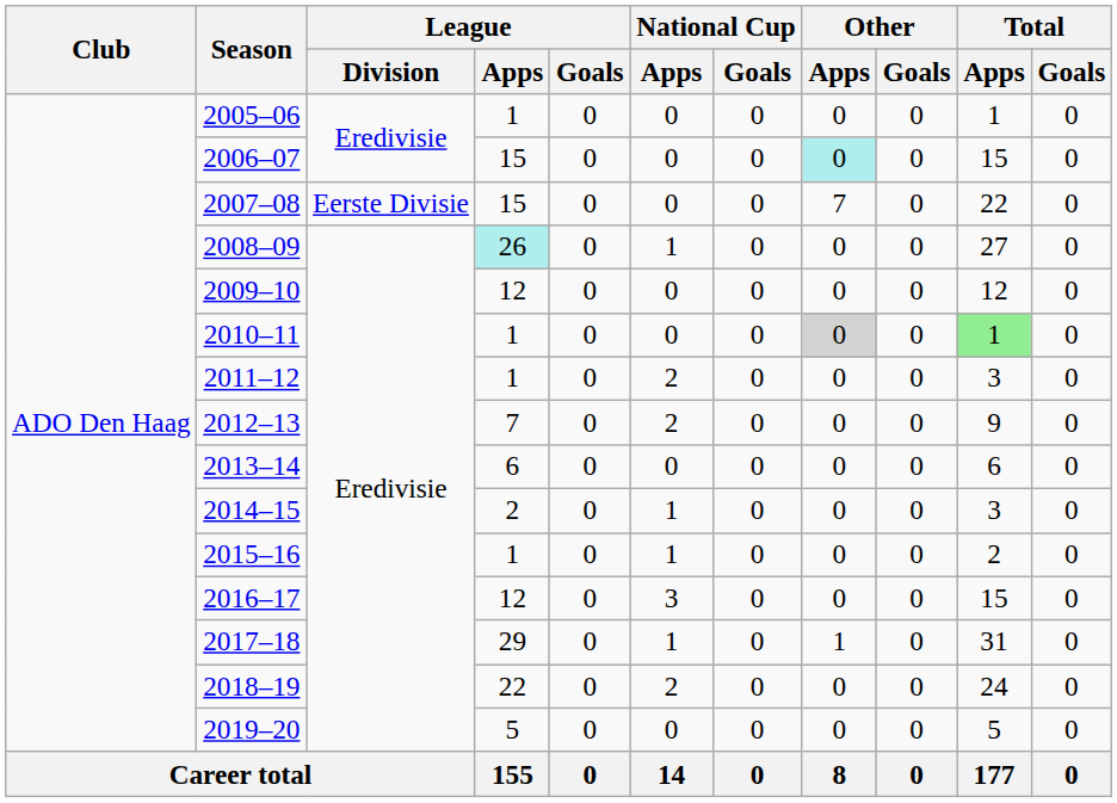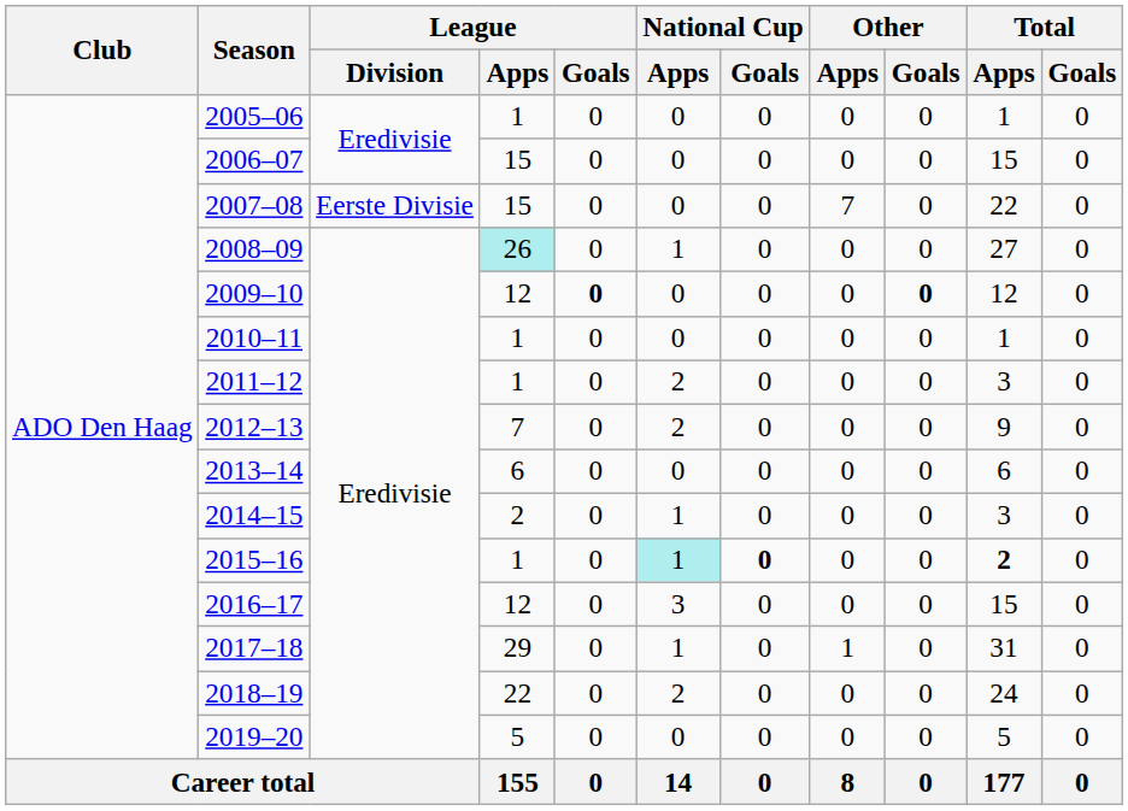 <table class="wikitable" style="text-align: center;">
 <tr>
 <th rowspan="2">Club</th>
 <th rowspan="2">Season</th>
 <th colspan="3">League</th>
 <th colspan="2">National Cup</th>
 <th colspan="2">Other</th>
 <th colspan="2">Total</th>
 </tr>
 <tr>
 <th>Division</th>
 <th>Apps</th>
 <th>Goals</th>
 <th>Apps</th>
 <th>Goals</th>
 <th>Apps</th>
 <th>Goals</th>
 <th>Apps</th>
 <th>Goals</th>
 </tr>
 <tr>
 <td rowspan="15"><a href='#'>ADO Den Haag</a></td>
 <td><a href='#'>2005–06</a></td>
 <td rowspan="2"><a href='#'>Eredivisie</a></td>
 <td>1</td>
 <td>0</td>
 <td>0</td>
 <td>0</td>
 <td>0</td>
 <td>0</td>
 <td>1</td>
 <td>0</td>
 </tr>
 <tr>
 <td><a href='#'>2006–07</a></td>
 <td>15</td>
 <td>0</td>
 <td>0</td>
 <td>0</td>
-<td style="background: paleturquoise;">0</td>
+<td>0</td>
 <td>0</td>
 <td>15</td>
 <td>0</td>
 </tr>
 <tr>
 <td><a href='#'>2007–08</a></td>
 <td><a href='#'>Eerste Divisie</a></td>
 <td>15</td>
 <td>0</td>
 <td>0</td>
 <td>0</td>
 <td>7</td>
 <td>0</td>
 <td>22</td>
 <td>0</td>
 </tr>
 <tr>
 <td><a href='#'>2008–09</a></td>
 <td rowspan="12">Eredivisie</td>
 <td style="background: paleturquoise;">26</td>
 <td>0</td>
 <td>1</td>
 <td>0</td>
 <td>0</td>
 <td>0</td>
 <td>27</td>
 <td>0</td>
 </tr>
 <tr>
 <td><a href='#'>2009–10</a></td>
 <td>12</td>
+<td><strong>0</strong></td>
 <td>0</td>
 <td>0</td>
 <td>0</td>
-<td>0</td>
-<td>0</td>
+<td><strong>0</strong></td>
 <td>12</td>
 <td>0</td>
 </tr>
 <tr>
 <td><a href='#'>2010–11</a></td>
 <td>1</td>
 <td>0</td>
 <td>0</td>
 <td>0</td>
-<td style="background: lightgrey;">0</td>
 <td>0</td>
-<td style="background: lightgreen;">1</td>
+<td>0</td>
+<td>1</td>
 <td>0</td>
 </tr>
 <tr>
 <td><a href='#'>2011–12</a></td>
 <td>1</td>
 <td>0</td>
 <td>2</td>
 <td>0</td>
 <td>0</td>
 <td>0</td>
 <td>3</td>
 <td>0</td>
 </tr>
 <tr>
 <td><a href='#'>2012–13</a></td>
 <td>7</td>
 <td>0</td>
 <td>2</td>
 <td>0</td>
 <td>0</td>
 <td>0</td>
 <td>9</td>
 <td>0</td>
 </tr>
 <tr>
 <td><a href='#'>2013–14</a></td>
 <td>6</td>
 <td>0</td>
 <td>0</td>
 <td>0</td>
 <td>0</td>
 <td>0</td>
 <td>6</td>
 <td>0</td>
 </tr>
 <tr>
 <td><a href='#'>2014–15</a></td>
 <td>2</td>
 <td>0</td>
 <td>1</td>
 <td>0</td>
 <td>0</td>
 <td>0</td>
 <td>3</td>
 <td>0</td>
 </tr>
 <tr>
 <td><a href='#'>2015–16</a></td>
 <td>1</td>
 <td>0</td>
-<td>1</td>
+<td style="background: paleturquoise;">1</td>
+<td><strong>0</strong></td>
 <td>0</td>
 <td>0</td>
-<td>0</td>
-<td>2</td>
+<td><strong>2</strong></td>
 <td>0</td>
 </tr>
 <tr>
 <td><a href='#'>2016–17</a></td>
 <td>12</td>
 <td>0</td>
 <td>3</td>
 <td>0</td>
 <td>0</td>
 <td>0</td>
 <td>15</td>
 <td>0</td>
 </tr>
 <tr>
 <td><a href='#'>2017–18</a></td>
 <td>29</td>
 <td>0</td>
 <td>1</td>
 <td>0</td>
 <td>1</td>
 <td>0</td>
 <td>31</td>
 <td>0</td>
 </tr>
 <tr>
 <td><a href='#'>2018–19</a></td>
 <td>22</td>
 <td>0</td>
 <td>2</td>
 <td>0</td>
 <td>0</td>
 <td>0</td>
 <td>24</td>
 <td>0</td>
 </tr>
 <tr>
 <td><a href='#'>2019–20</a></td>
 <td>5</td>
 <td>0</td>
 <td>0</td>
 <td>0</td>
 <td>0</td>
 <td>0</td>
 <td>5</td>
 <td>0</td>
 </tr>
 <tr>
 <th colspan="3">Career total</th>
 <th>155</th>
 <th>0</th>
 <th>14</th>
 <th>0</th>
 <th>8</th>
 <th>0</th>
 <th>177</th>
 <th>0</th>
 </tr>
 </table>
